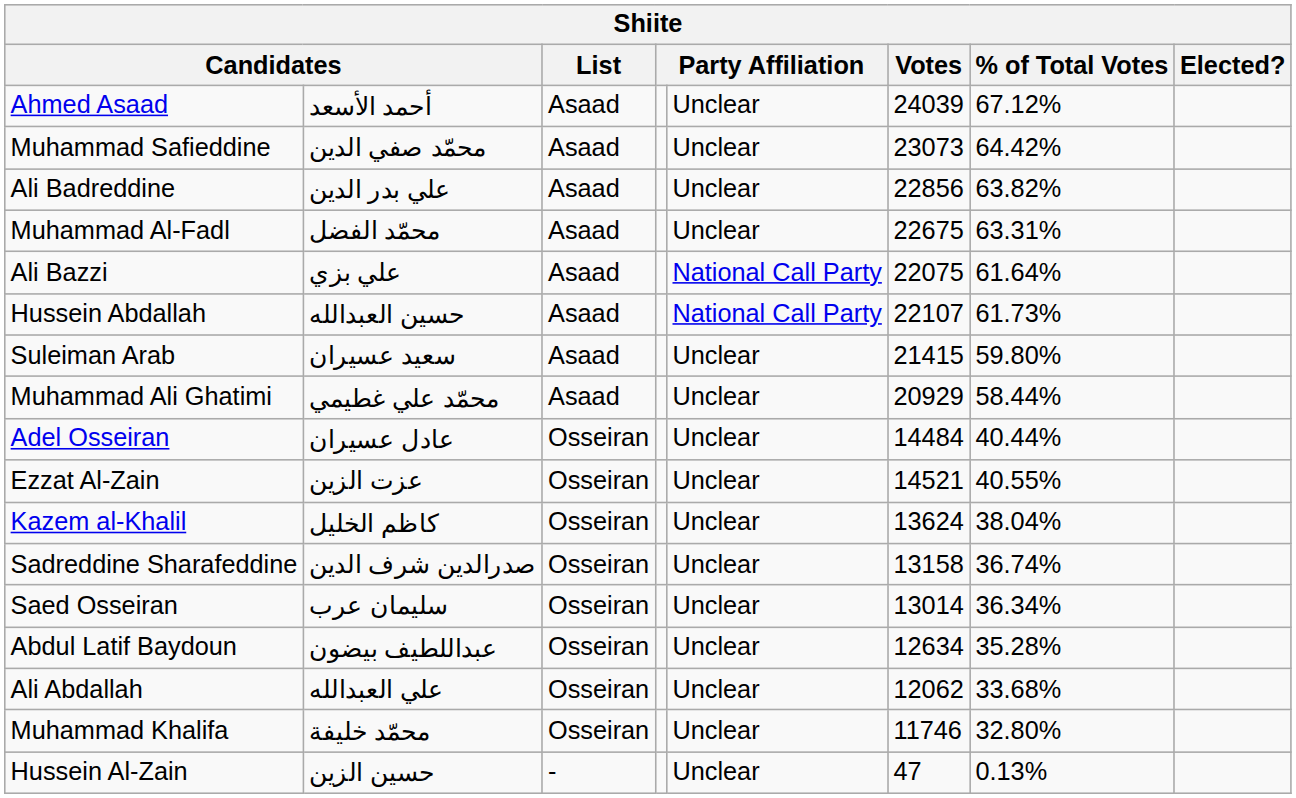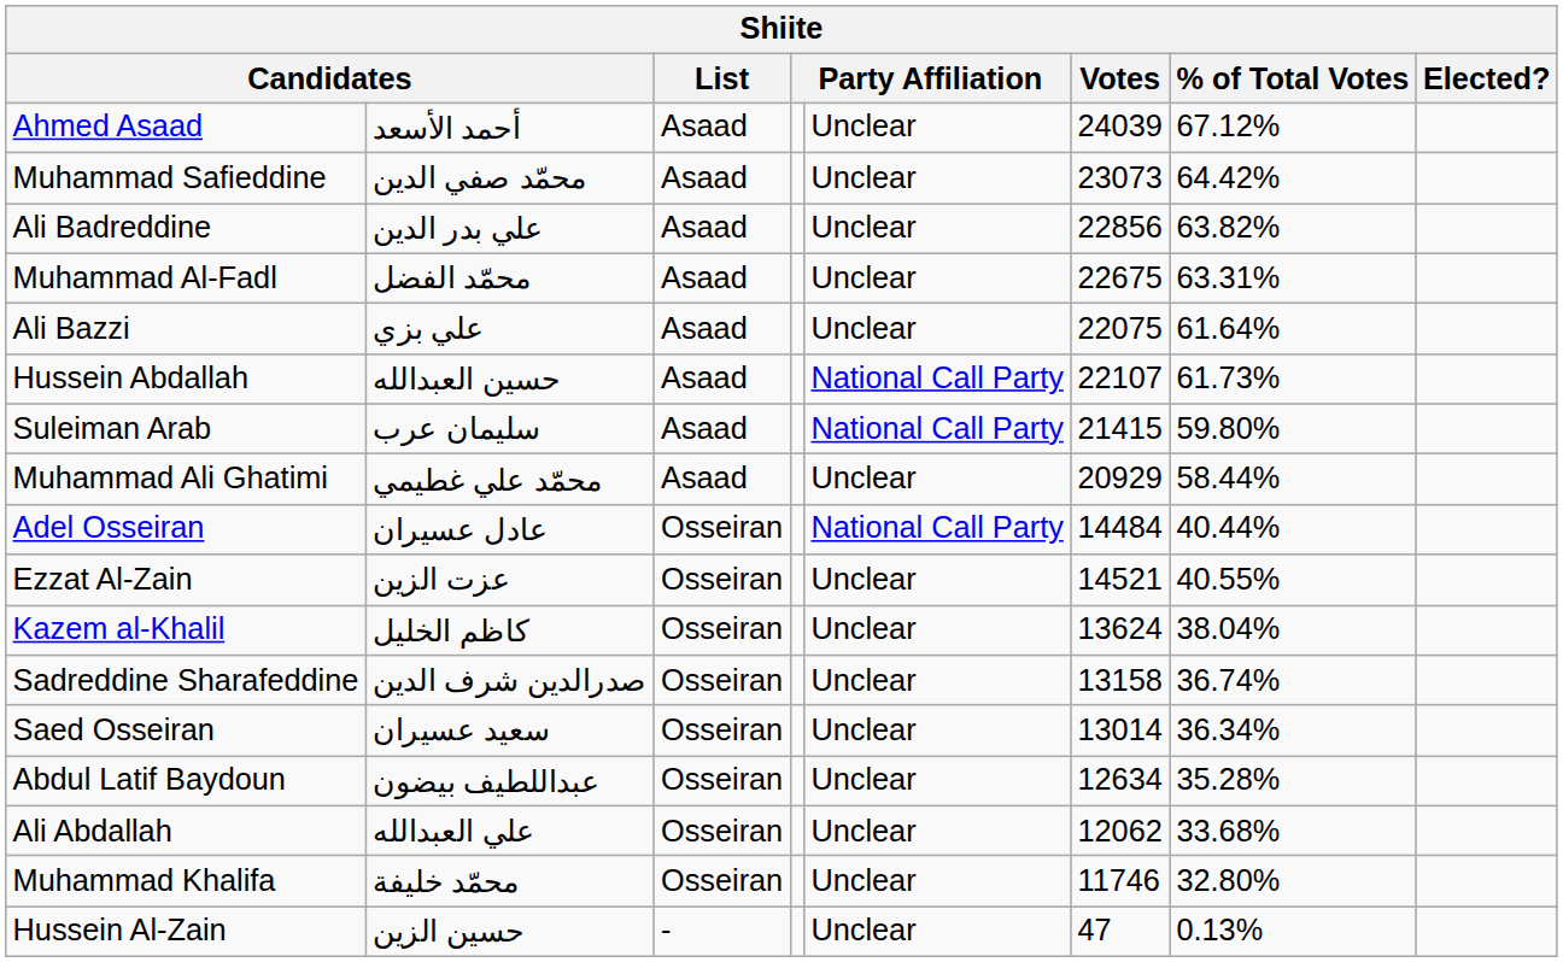 <table class="wikitable sortable">
 <tr>
 <th colspan="8">Shiite</th>
 </tr>
 <tr>
 <th colspan="2">Candidates</th>
 <th>List</th>
 <th colspan="2">Party Affiliation</th>
 <th>Votes</th>
 <th>% of Total Votes</th>
 <th>Elected?</th>
 </tr>
 <tr>
 <td><a href='#'>Ahmed Asaad</a></td>
 <td>أحمد الأسعد</td>
 <td>Asaad</td>
 <td style="background: "></td>
 <td>Unclear</td>
 <td>24039</td>
 <td>67.12%</td>
 <td></td>
 </tr>
 <tr>
 <td>Muhammad Safieddine</td>
 <td>محمّد صفي الدين</td>
 <td>Asaad</td>
 <td style="background: "></td>
 <td>Unclear</td>
 <td>23073</td>
 <td>64.42%</td>
 <td></td>
 </tr>
 <tr>
 <td>Ali Badreddine</td>
 <td>علي بدر الدين</td>
 <td>Asaad</td>
 <td style="background: "></td>
 <td>Unclear</td>
 <td>22856</td>
 <td>63.82%</td>
 <td></td>
 </tr>
 <tr>
 <td>Muhammad Al-Fadl</td>
 <td>محمّد الفضل</td>
 <td>Asaad</td>
 <td style="background: "></td>
 <td>Unclear</td>
 <td>22675</td>
 <td>63.31%</td>
 <td></td>
 </tr>
 <tr>
 <td>Ali Bazzi</td>
 <td>علي بزي</td>
 <td>Asaad</td>
 <td style="background: "></td>
-<td><a href='#'>National Call Party</a></td>
+<td>Unclear</td>
 <td>22075</td>
 <td>61.64%</td>
 <td></td>
 </tr>
 <tr>
 <td>Hussein Abdallah</td>
 <td>حسين العبدالله</td>
 <td>Asaad</td>
 <td style="background: "></td>
 <td><a href='#'>National Call Party</a></td>
 <td>22107</td>
 <td>61.73%</td>
 <td></td>
 </tr>
 <tr>
 <td>Suleiman Arab</td>
-<td>سعيد عسيران</td>
+<td>سليمان عرب</td>
 <td>Asaad</td>
 <td style="background: "></td>
-<td>Unclear</td>
+<td><a href='#'>National Call Party</a></td>
 <td>21415</td>
 <td>59.80%</td>
 <td></td>
 </tr>
 <tr>
 <td>Muhammad Ali Ghatimi</td>
 <td>محمّد علي غطيمي</td>
 <td>Asaad</td>
 <td style="background: "></td>
 <td>Unclear</td>
 <td>20929</td>
 <td>58.44%</td>
 <td></td>
 </tr>
 <tr>
 <td><a href='#'>Adel Osseiran</a></td>
 <td>عادل عسيران</td>
 <td>Osseiran</td>
 <td style="background: "></td>
-<td>Unclear</td>
+<td><a href='#'>National Call Party</a></td>
 <td>14484</td>
 <td>40.44%</td>
 <td></td>
 </tr>
 <tr>
 <td>Ezzat Al-Zain</td>
 <td>عزت الزين</td>
 <td>Osseiran</td>
 <td style="background: "></td>
 <td>Unclear</td>
 <td>14521</td>
 <td>40.55%</td>
 <td></td>
 </tr>
 <tr>
 <td><a href='#'>Kazem al-Khalil</a></td>
 <td>كاظم الخليل</td>
 <td>Osseiran</td>
 <td style="background: "></td>
 <td>Unclear</td>
 <td>13624</td>
 <td>38.04%</td>
 <td></td>
 </tr>
 <tr>
 <td>Sadreddine Sharafeddine</td>
 <td>صدرالدين شرف الدين</td>
 <td>Osseiran</td>
 <td style="background: "></td>
 <td>Unclear</td>
 <td>13158</td>
 <td>36.74%</td>
 <td></td>
 </tr>
 <tr>
 <td>Saed Osseiran</td>
-<td>سليمان عرب</td>
+<td>سعيد عسيران</td>
 <td>Osseiran</td>
 <td style="background: "></td>
 <td>Unclear</td>
 <td>13014</td>
 <td>36.34%</td>
 <td></td>
 </tr>
 <tr>
 <td>Abdul Latif Baydoun</td>
 <td>عبداللطيف بيضون</td>
 <td>Osseiran</td>
 <td style="background: "></td>
 <td>Unclear</td>
 <td>12634</td>
 <td>35.28%</td>
 <td></td>
 </tr>
 <tr>
 <td>Ali Abdallah</td>
 <td>علي العبدالله</td>
 <td>Osseiran</td>
 <td style="background: "></td>
 <td>Unclear</td>
 <td>12062</td>
 <td>33.68%</td>
 <td></td>
 </tr>
 <tr>
 <td>Muhammad Khalifa</td>
 <td>محمّد خليفة</td>
 <td>Osseiran</td>
 <td style="background: "></td>
 <td>Unclear</td>
 <td>11746</td>
 <td>32.80%</td>
 <td></td>
 </tr>
 <tr>
 <td>Hussein Al-Zain</td>
 <td>حسين الزين</td>
 <td>-</td>
 <td style="background: "></td>
 <td>Unclear</td>
 <td>47</td>
 <td>0.13%</td>
 <td></td>
 </tr>
 </table>
